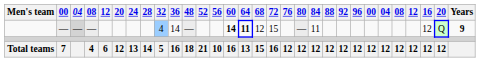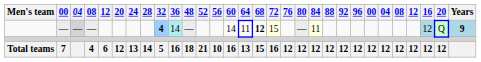 <table class="wikitable" style="text-align: center; font-size: 90%; margin-left: 1em;">
 <tr>
 <th>Men's team</th>
 <th><a href='#'>00</a></th>
 <th><em><a href='#'>04</a></em></th>
 <th><a href='#'>08</a></th>
 <th><a href='#'>12</a></th>
 <th><a href='#'>20</a></th>
 <th><a href='#'>24</a></th>
 <th><a href='#'>28</a></th>
 <th><a href='#'>32</a></th>
 <th><a href='#'>36</a></th>
 <th><a href='#'>48</a></th>
 <th><a href='#'>52</a></th>
 <th><a href='#'>56</a></th>
 <th><a href='#'>60</a></th>
 <th><a href='#'>64</a></th>
 <th><a href='#'>68</a></th>
 <th><a href='#'>72</a></th>
 <th><a href='#'>76</a></th>
 <th><a href='#'>80</a></th>
 <th><a href='#'>84</a></th>
 <th><a href='#'>88</a></th>
 <th><a href='#'>92</a></th>
 <th><a href='#'>96</a></th>
 <th><a href='#'>00</a></th>
 <th><a href='#'>04</a></th>
 <th><a href='#'>08</a></th>
 <th><a href='#'>12</a></th>
 <th><a href='#'>16</a></th>
 <th><a href='#'>20</a></th>
 <th>Years</th>
 </tr>
 <tr>
 <td style="text-align: left;"></td>
 <td style="background-color: #ececec;">—</td>
 <td style="background-color: lightgray;">—</td>
 <td style="background-color: #ececec;">—</td>
 <td></td>
 <td></td>
 <td></td>
 <td></td>
-<td style="background-color: #9acdff;">4</td>
-<td>14</td>
+<td style="background-color: #9acdff;"><strong>4</strong></td>
+<td style="background: paleturquoise;">14</td>
 <td style="background-color: #ececec;">—</td>
 <td></td>
 <td></td>
-<td><strong>14</strong></td>
-<td style="border: 2px solid blue;"><strong>11</strong></td>
-<td>12</td>
-<td>15</td>
+<td>14</td>
+<td style="border: 2px solid blue;">11</td>
+<td><strong>12</strong></td>
+<td style="background: lightyellow;">15</td>
 <td></td>
 <td style="background-color: #ececec;">—</td>
-<td>11</td>
+<td style="background: lightyellow;">11</td>
 <td></td>
 <td></td>
 <td></td>
 <td></td>
 <td></td>
 <td></td>
 <td></td>
-<td>12</td>
+<td style="background: lightblue;">12</td>
 <td style="border: 2px solid blue; background-color: #ccffcc;">Q</td>
-<td><strong>9</strong></td>
+<td style="background: lightblue;"><strong>9</strong></td>
 </tr>
 <tr style="background-color: lightgrey;">
 <td colspan="30"></td>
 </tr>
 <tr>
 <th>Total teams</th>
 <th>7</th>
 <th></th>
 <th>4</th>
 <th>6</th>
 <th>12</th>
 <th>13</th>
 <th>14</th>
 <th>5</th>
 <th>16</th>
 <th>18</th>
 <th>21</th>
 <th>10</th>
 <th>16</th>
 <th>13</th>
 <th>15</th>
 <th>16</th>
 <th>12</th>
 <th>12</th>
 <th>12</th>
 <th>12</th>
 <th>12</th>
 <th>12</th>
 <th>12</th>
 <th>12</th>
 <th>12</th>
 <th>12</th>
 <th>12</th>
 <th>12</th>
 <th></th>
 </tr>
 </table>
